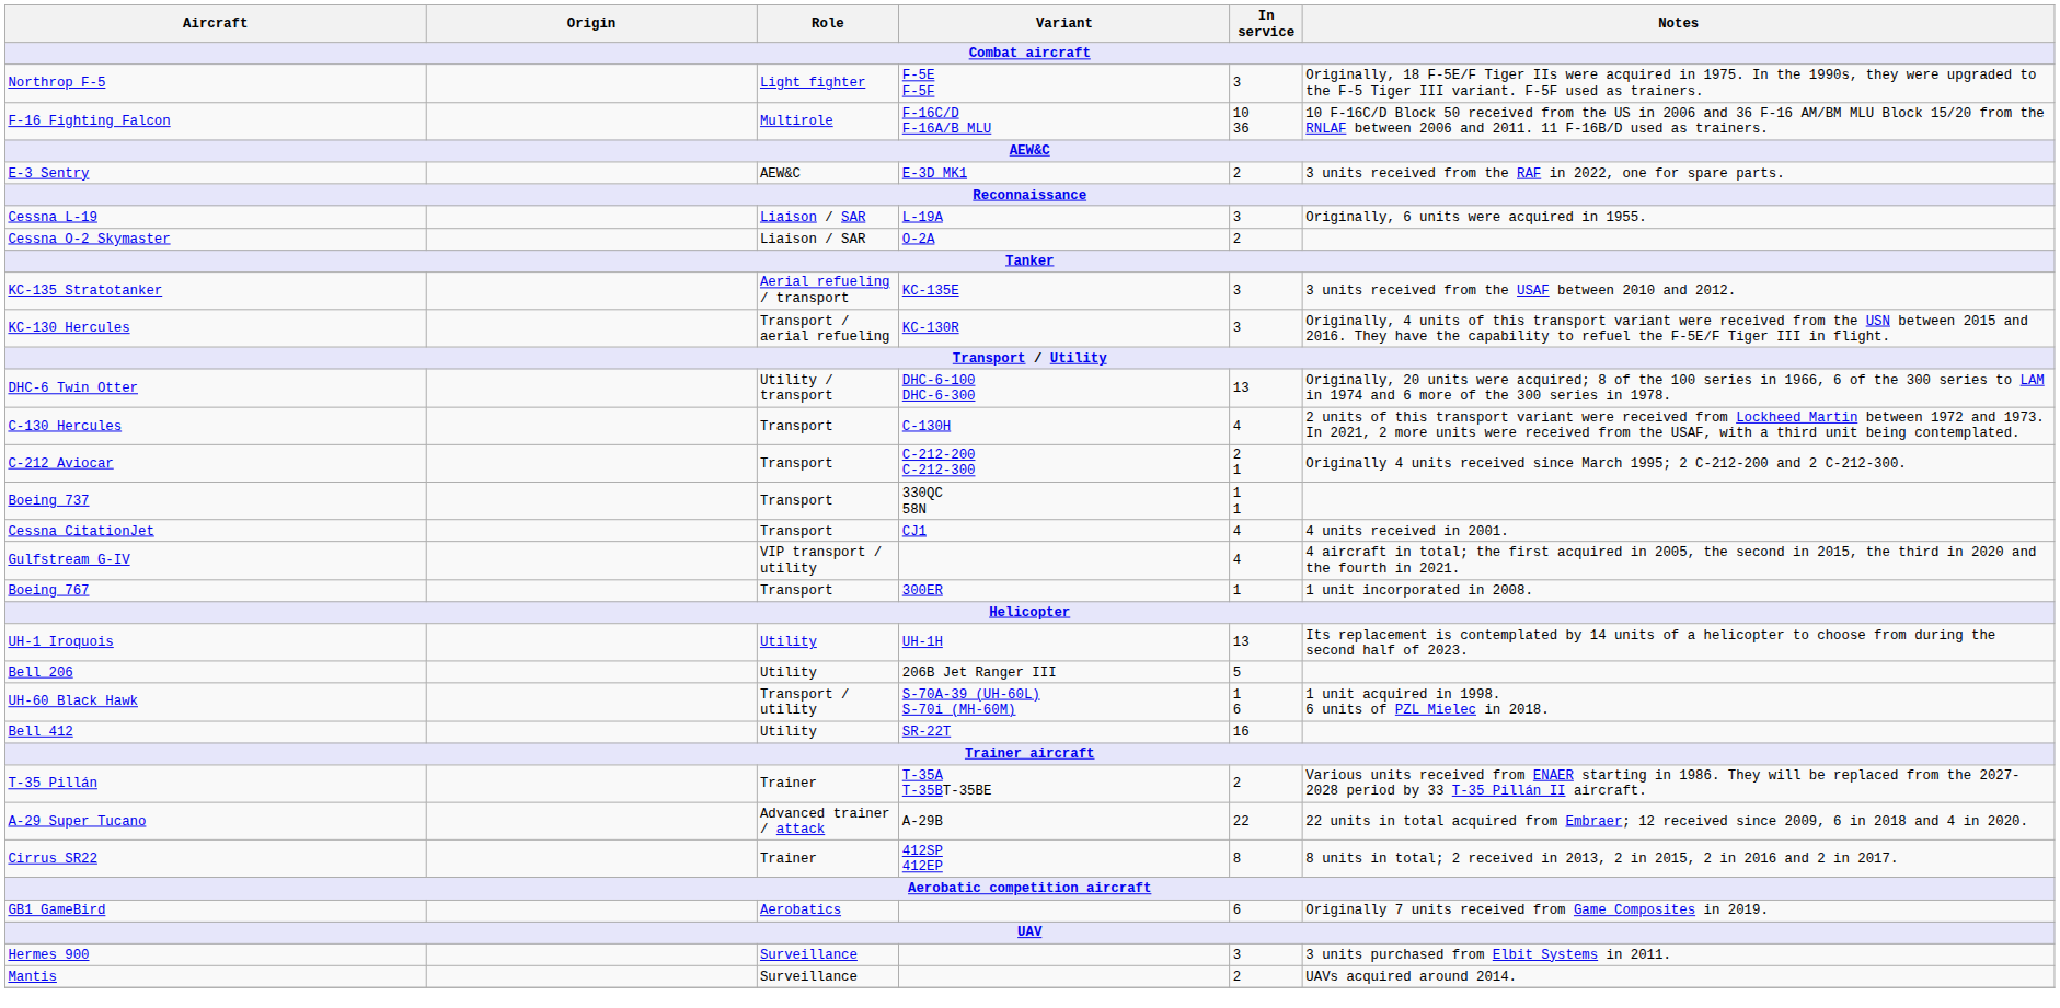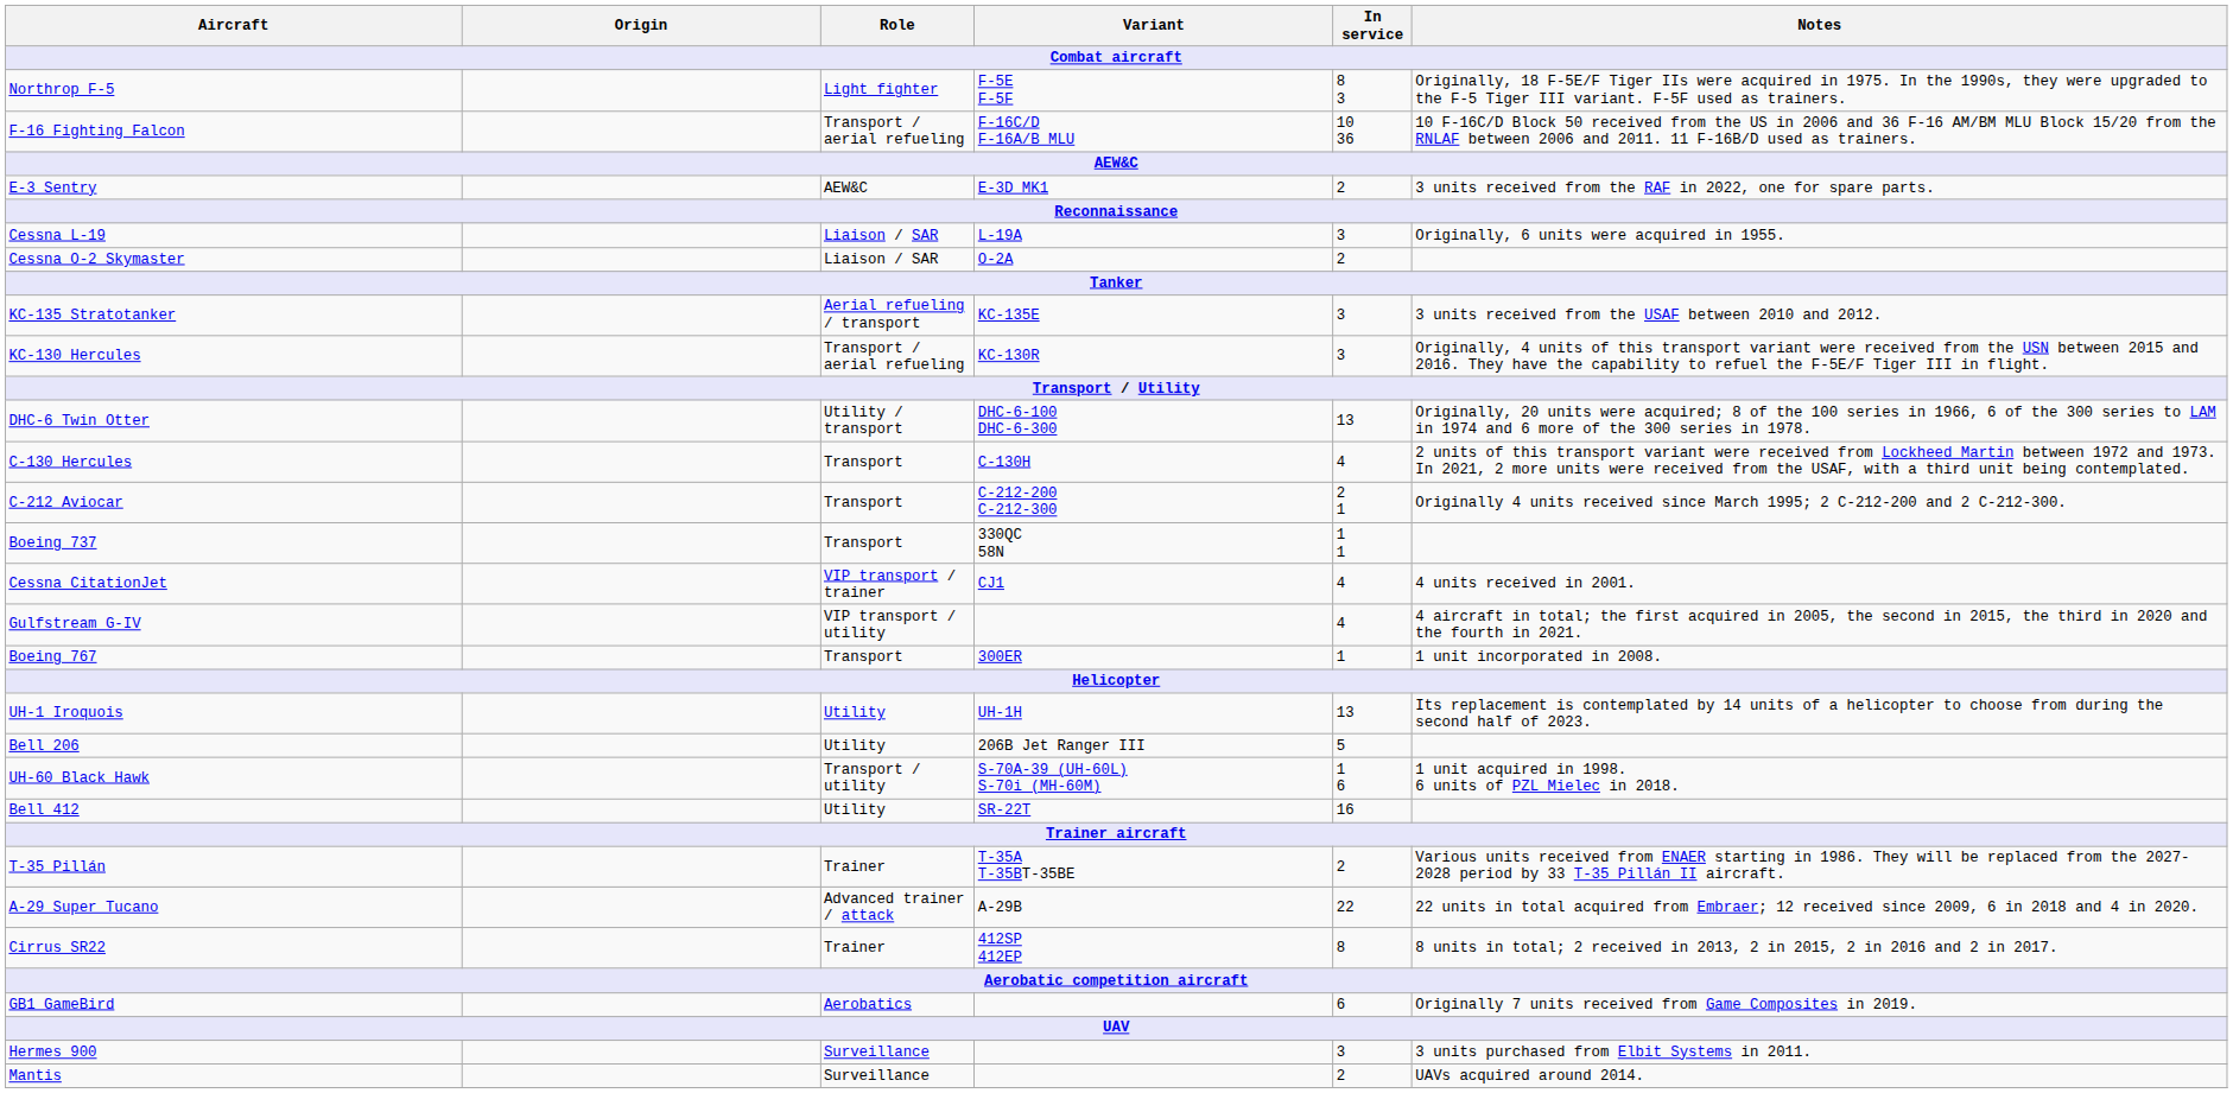 <table class="wikitable">
 <tr>
 <th width="14%">Aircraft</th>
 <th width="11%">Origin</th>
 <th width="4%">Role</th>
 <th width="11%">Variant</th>
 <th width="1%">In service</th>
 <th width="25%">Notes</th>
 </tr>
 <tr>
 <th style="align: center; background: lavender;" colspan="8"><a href='#'>Combat aircraft</a></th>
 </tr>
 <tr>
 <td><a href='#'>Northrop F-5</a></td>
 <td></td>
 <td><a href='#'>Light fighter</a></td>
 <td><a href='#'>F-5E</a><br><a href='#'>F-5F</a></td>
-<td>3</td>
+<td>8<br>3</td>
 <td>Originally, 18 F-5E/F Tiger IIs were acquired in 1975. In the 1990s, they were upgraded to the F-5 Tiger III variant. F-5F used as trainers.</td>
 </tr>
 <tr>
 <td><a href='#'>F-16 Fighting Falcon</a></td>
 <td></td>
-<td><a href='#'>Multirole</a></td>
+<td>Transport / aerial refueling</td>
 <td><a href='#'>F-16C/D</a><br><a href='#'>F-16A/B MLU</a></td>
 <td>10<br>36</td>
 <td>10 F-16C/D Block 50 received from the US in 2006 and 36 F-16 AM/BM MLU Block 15/20 from the <a href='#'>RNLAF</a> between 2006 and 2011. 11 F-16B/D used as trainers.</td>
 </tr>
 <tr>
 <th style="align: center; background: lavender;" colspan="7"><a href='#'>AEW&C</a></th>
 </tr>
 <tr>
 <td><a href='#'>E-3 Sentry</a></td>
 <td></td>
 <td>AEW&C</td>
 <td><a href='#'>E-3D MK1</a></td>
 <td>2</td>
 <td>3 units received from the <a href='#'>RAF</a> in 2022, one for spare parts.</td>
 </tr>
 <tr>
 <th style="align: center; background: lavender;" colspan="7"><a href='#'>Reconnaissance</a></th>
 </tr>
 <tr>
 <td><a href='#'>Cessna L-19</a></td>
 <td></td>
 <td><a href='#'>Liaison</a> / <a href='#'>SAR</a></td>
 <td><a href='#'>L-19A</a></td>
 <td>3</td>
 <td>Originally, 6 units were acquired in 1955.</td>
 </tr>
 <tr>
 <td><a href='#'>Cessna O-2 Skymaster</a></td>
 <td></td>
 <td>Liaison / SAR</td>
 <td><a href='#'>O-2A</a></td>
 <td>2</td>
 <td></td>
 </tr>
 <tr>
 <th style="align: center; background: lavender;" colspan="7"><a href='#'>Tanker</a></th>
 </tr>
 <tr>
 <td><a href='#'>KC-135 Stratotanker</a></td>
 <td></td>
 <td><a href='#'>Aerial refueling</a> / transport</td>
 <td><a href='#'>KC-135E</a></td>
 <td>3</td>
 <td>3 units received from the <a href='#'>USAF</a> between 2010 and 2012.</td>
 </tr>
 <tr>
 <td><a href='#'>KC-130 Hercules</a></td>
 <td></td>
 <td>Transport / aerial refueling</td>
 <td><a href='#'>KC-130R</a></td>
 <td>3</td>
 <td>Originally, 4 units of this transport variant were received from the <a href='#'>USN</a> between 2015 and 2016. They have the capability to refuel the F-5E/F Tiger III in flight.</td>
 </tr>
 <tr>
 <th style="align: center; background: lavender;" colspan="7"><a href='#'>Transport</a> / <a href='#'>Utility</a></th>
 </tr>
 <tr>
 <td><a href='#'>DHC-6 Twin Otter</a></td>
 <td></td>
 <td>Utility / transport</td>
 <td><a href='#'>DHC-6-100</a><br><a href='#'>DHC-6-300</a></td>
 <td>13</td>
 <td>Originally, 20 units were acquired; 8 of the 100 series in 1966, 6 of the 300 series to <a href='#'>LAM</a> in 1974 and 6 more of the 300 series in 1978.</td>
 </tr>
 <tr>
 <td><a href='#'>C-130 Hercules</a></td>
 <td></td>
 <td>Transport</td>
 <td><a href='#'>C-130H</a></td>
 <td>4</td>
 <td>2 units of this transport variant were received from <a href='#'>Lockheed Martin</a> between 1972 and 1973. In 2021, 2 more units were received from the USAF, with a third unit being contemplated.</td>
 </tr>
 <tr>
 <td><a href='#'>C-212 Aviocar</a></td>
 <td></td>
 <td>Transport</td>
 <td><a href='#'>C-212-200</a><br><a href='#'>C-212-300</a></td>
 <td>2<br>1</td>
 <td>Originally 4 units received since March 1995; 2 C-212-200 and 2 C-212-300.</td>
 </tr>
 <tr>
 <td><a href='#'>Boeing 737</a></td>
 <td></td>
 <td>Transport</td>
 <td>330QC<br>58N</td>
 <td>1<br>1</td>
 <td></td>
 </tr>
 <tr>
 <td><a href='#'>Cessna CitationJet</a></td>
 <td></td>
-<td>Transport</td>
+<td><a href='#'>VIP transport</a> / trainer</td>
 <td><a href='#'>CJ1</a></td>
 <td>4</td>
 <td>4 units received in 2001.</td>
 </tr>
 <tr>
 <td><a href='#'>Gulfstream G-IV</a></td>
 <td></td>
 <td>VIP transport / utility</td>
 <td></td>
 <td>4</td>
 <td>4 aircraft in total; the first acquired in 2005, the second in 2015, the third in 2020 and the fourth in 2021.</td>
 </tr>
 <tr>
 <td><a href='#'>Boeing 767</a></td>
 <td></td>
 <td>Transport</td>
 <td><a href='#'>300ER</a></td>
 <td>1</td>
 <td>1 unit incorporated in 2008.</td>
 </tr>
 <tr>
 <th style="align: center; background: lavender;" colspan="7"><a href='#'>Helicopter</a></th>
 </tr>
 <tr>
 <td><a href='#'>UH-1 Iroquois</a></td>
 <td></td>
 <td><a href='#'>Utility</a></td>
 <td><a href='#'>UH-1H</a></td>
 <td>13</td>
 <td>Its replacement is contemplated by 14 units of a helicopter to choose from during the second half of 2023.</td>
 </tr>
 <tr>
 <td><a href='#'>Bell 206</a></td>
 <td></td>
 <td>Utility</td>
 <td>206B Jet Ranger III</td>
 <td>5</td>
 <td></td>
 </tr>
 <tr>
 <td><a href='#'>UH-60 Black Hawk</a></td>
 <td></td>
 <td>Transport / utility</td>
 <td><a href='#'>S-70A-39 (UH-60L)</a><br><a href='#'>S-70i (MH-60M)</a></td>
 <td>1<br>6</td>
 <td>1 unit acquired in 1998.<br>6 units of <a href='#'>PZL Mielec</a> in 2018.</td>
 </tr>
 <tr>
 <td><a href='#'>Bell 412</a></td>
 <td></td>
 <td>Utility</td>
 <td><a href='#'>SR-22T</a></td>
 <td>16</td>
 <td></td>
 </tr>
 <tr>
 <th style="align: center; background: lavender;" colspan="7"><a href='#'>Trainer aircraft</a></th>
 </tr>
 <tr>
 <td><a href='#'>T-35 Pillán</a></td>
 <td></td>
 <td>Trainer</td>
 <td><a href='#'>T-35A</a><br><a href='#'>T-35B</a>T-35BE</td>
 <td>2</td>
 <td>Various units received from <a href='#'>ENAER</a> starting in 1986. They will be replaced from the 2027-2028 period by 33 <a href='#'>T-35 Pillán II</a> aircraft.</td>
 </tr>
 <tr>
 <td><a href='#'>A-29 Super Tucano</a></td>
 <td></td>
 <td>Advanced trainer / <a href='#'>attack</a></td>
 <td>A-29B</td>
 <td>22</td>
 <td>22 units in total acquired from <a href='#'>Embraer</a>; 12 received since 2009, 6 in 2018 and 4 in 2020.</td>
 </tr>
 <tr>
 <td><a href='#'>Cirrus SR22</a></td>
 <td></td>
 <td>Trainer</td>
 <td><a href='#'>412SP</a><br><a href='#'>412EP</a></td>
 <td>8</td>
 <td>8 units in total; 2 received in 2013, 2 in 2015, 2 in 2016 and 2 in 2017.</td>
 </tr>
 <tr>
 <th style="align: center; background: lavender;" colspan="7"><a href='#'>Aerobatic competition aircraft</a></th>
 </tr>
 <tr>
 <td><a href='#'>GB1 GameBird</a></td>
 <td></td>
 <td><a href='#'>Aerobatics</a></td>
 <td></td>
 <td>6</td>
 <td>Originally 7 units received from <a href='#'>Game Composites</a> in 2019.</td>
 </tr>
 <tr>
 <th style="align: center; background: lavender;" colspan="7"><a href='#'>UAV</a></th>
 </tr>
 <tr>
 <td><a href='#'>Hermes 900</a></td>
 <td></td>
 <td><a href='#'>Surveillance</a></td>
 <td></td>
 <td>3</td>
 <td>3 units purchased from <a href='#'>Elbit Systems</a> in 2011.</td>
 </tr>
 <tr>
 <td><a href='#'>Mantis</a></td>
 <td></td>
 <td>Surveillance</td>
 <td></td>
 <td>2</td>
 <td>UAVs acquired around 2014.</td>
 </tr>
 <tr>
 </tr>
 </table>
